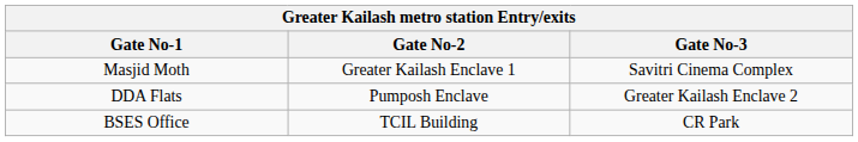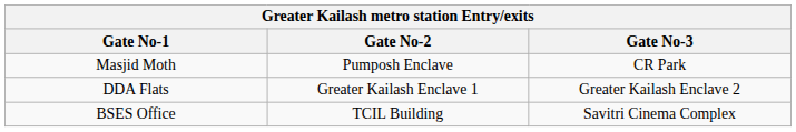 <table class="wikitable" style="text-align: center;" width="65%">
 <tr>
 <th align="center" colspan="5" style="background:#"><span>Greater Kailash metro station Entry/exits</span></th>
 </tr>
 <tr>
 <th style="width:15%;">Gate No-1</th>
 <th style="width:15%;">Gate No-2 </th>
 <th style="width:15%;">Gate No-3 </th>
 </tr>
 <tr>
 <td>Masjid Moth</td>
-<td>Greater Kailash Enclave 1</td>
-<td>Savitri Cinema Complex</td>
+<td>Pumposh Enclave</td>
+<td>CR Park</td>
 </tr>
 <tr>
 <td>DDA Flats</td>
-<td>Pumposh Enclave</td>
+<td>Greater Kailash Enclave 1</td>
 <td>Greater Kailash Enclave 2</td>
 </tr>
 <tr>
 <td>BSES Office</td>
 <td>TCIL Building</td>
-<td>CR Park</td>
+<td>Savitri Cinema Complex</td>
 </tr>
 </table>
